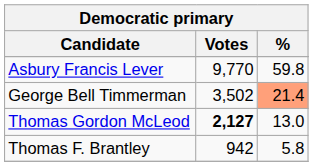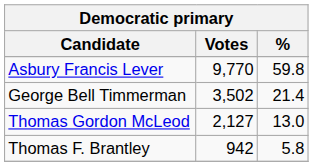 <table class="wikitable" align="left" style="margin: 1em 1em 1em 0; font-size: 95%;">
 <tr>
 <th colspan="3">Democratic primary</th>
 </tr>
 <tr>
 <th colspan="1" style="width: 170px">Candidate</th>
 <th style="width: 50px">Votes</th>
 <th style="width: 40px">%</th>
 </tr>
 <tr>
 </tr>
 <tr>
 <td><a href='#'>Asbury Francis Lever</a></td>
 <td align="right">9,770</td>
 <td align="right">59.8</td>
 </tr>
 <tr>
 <td>George Bell Timmerman</td>
 <td align="right">3,502</td>
-<td align="right" style="background: lightsalmon;">21.4</td>
+<td align="right">21.4</td>
 </tr>
 <tr>
 <td><a href='#'>Thomas Gordon McLeod</a></td>
-<td align="right"><strong>2,127</strong></td>
+<td align="right">2,127</td>
 <td align="right">13.0</td>
 </tr>
 <tr>
 <td>Thomas F. Brantley</td>
 <td align="right">942</td>
 <td align="right">5.8</td>
 </tr>
 <tr>
 </tr>
 </table>
